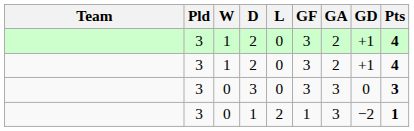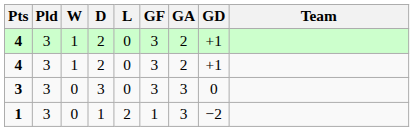 <table class="wikitable" style="text-align:center;">
 <tr>
-<th width=180>Team</th>
+<th width=20>Pts</th>
 <th width=20>Pld</th>
 <th width=20>W</th>
 <th width=20>D</th>
 <th width=20>L</th>
 <th width=20>GF</th>
 <th width=20>GA</th>
 <th width=20>GD</th>
-<th width=20>Pts</th>
+<th width=180>Team</th>
 </tr>
 <tr bgcolor="ccffcc">
-<td align="left"></td>
+<td><strong>4</strong></td>
 <td>3</td>
 <td>1</td>
 <td>2</td>
 <td>0</td>
 <td>3</td>
 <td>2</td>
 <td>+1</td>
-<td><strong>4</strong></td>
+<td align="left"></td>
 </tr>
 <tr>
-<td align="left"></td>
+<td><strong>4</strong></td>
 <td>3</td>
 <td>1</td>
 <td>2</td>
 <td>0</td>
 <td>3</td>
 <td>2</td>
 <td>+1</td>
-<td><strong>4</strong></td>
+<td align="left"></td>
 </tr>
 <tr>
-<td align="left"></td>
+<td><strong>3</strong></td>
 <td>3</td>
 <td>0</td>
 <td>3</td>
 <td>0</td>
 <td>3</td>
 <td>3</td>
 <td>0</td>
-<td><strong>3</strong></td>
+<td align="left"></td>
 </tr>
 <tr>
-<td align="left"></td>
+<td><strong>1</strong></td>
 <td>3</td>
 <td>0</td>
 <td>1</td>
 <td>2</td>
 <td>1</td>
 <td>3</td>
 <td>−2</td>
-<td><strong>1</strong></td>
+<td align="left"></td>
 </tr>
 </table>
